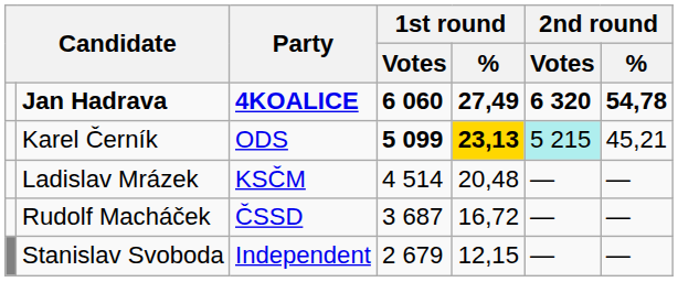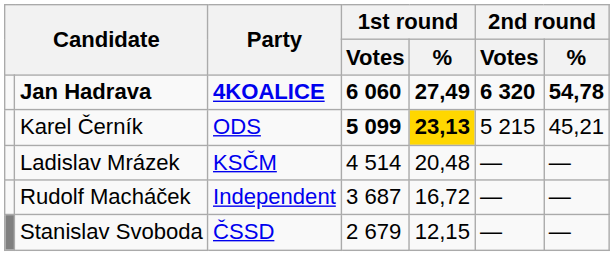 <table class="wikitable sortable">
 <tr>
 <th colspan="2" rowspan="2">Candidate</th>
 <th rowspan="2">Party</th>
 <th colspan="2">1st round</th>
 <th colspan="2">2nd round</th>
 </tr>
 <tr>
 <th>Votes</th>
 <th>%</th>
 <th>Votes</th>
 <th>%</th>
 </tr>
 <tr>
 <td style="background-color:"></td>
 <td><strong>Jan Hadrava</strong></td>
 <td><strong><a href='#'>4KOALICE</a></strong></td>
 <td><strong>6 060</strong></td>
 <td><strong>27,49</strong></td>
 <td><strong>6 320</strong></td>
 <td><strong>54,78</strong></td>
 </tr>
 <tr>
 <td style="background-color:"></td>
 <td>Karel Černík</td>
 <td><a href='#'>ODS</a></td>
 <td><strong>5 099</strong></td>
 <td style="background: gold;"><strong>23,13</strong></td>
-<td style="background: paleturquoise;">5 215</td>
+<td>5 215</td>
 <td>45,21</td>
 </tr>
 <tr>
 <td style="background-color:"></td>
 <td>Ladislav Mrázek</td>
 <td><a href='#'>KSČM</a></td>
 <td>4 514</td>
 <td>20,48</td>
 <td>—</td>
 <td>—</td>
 </tr>
 <tr>
 <td style="background-color:"></td>
 <td>Rudolf Macháček</td>
-<td><a href='#'>ČSSD</a></td>
+<td><a href='#'>Independent</a></td>
 <td>3 687</td>
 <td>16,72</td>
 <td>—</td>
 <td>—</td>
 </tr>
 <tr>
 <td style="background-color:grey"></td>
 <td>Stanislav Svoboda</td>
-<td><a href='#'>Independent</a></td>
+<td><a href='#'>ČSSD</a></td>
 <td>2 679</td>
 <td>12,15</td>
 <td>—</td>
 <td>—</td>
 </tr>
 </table>
